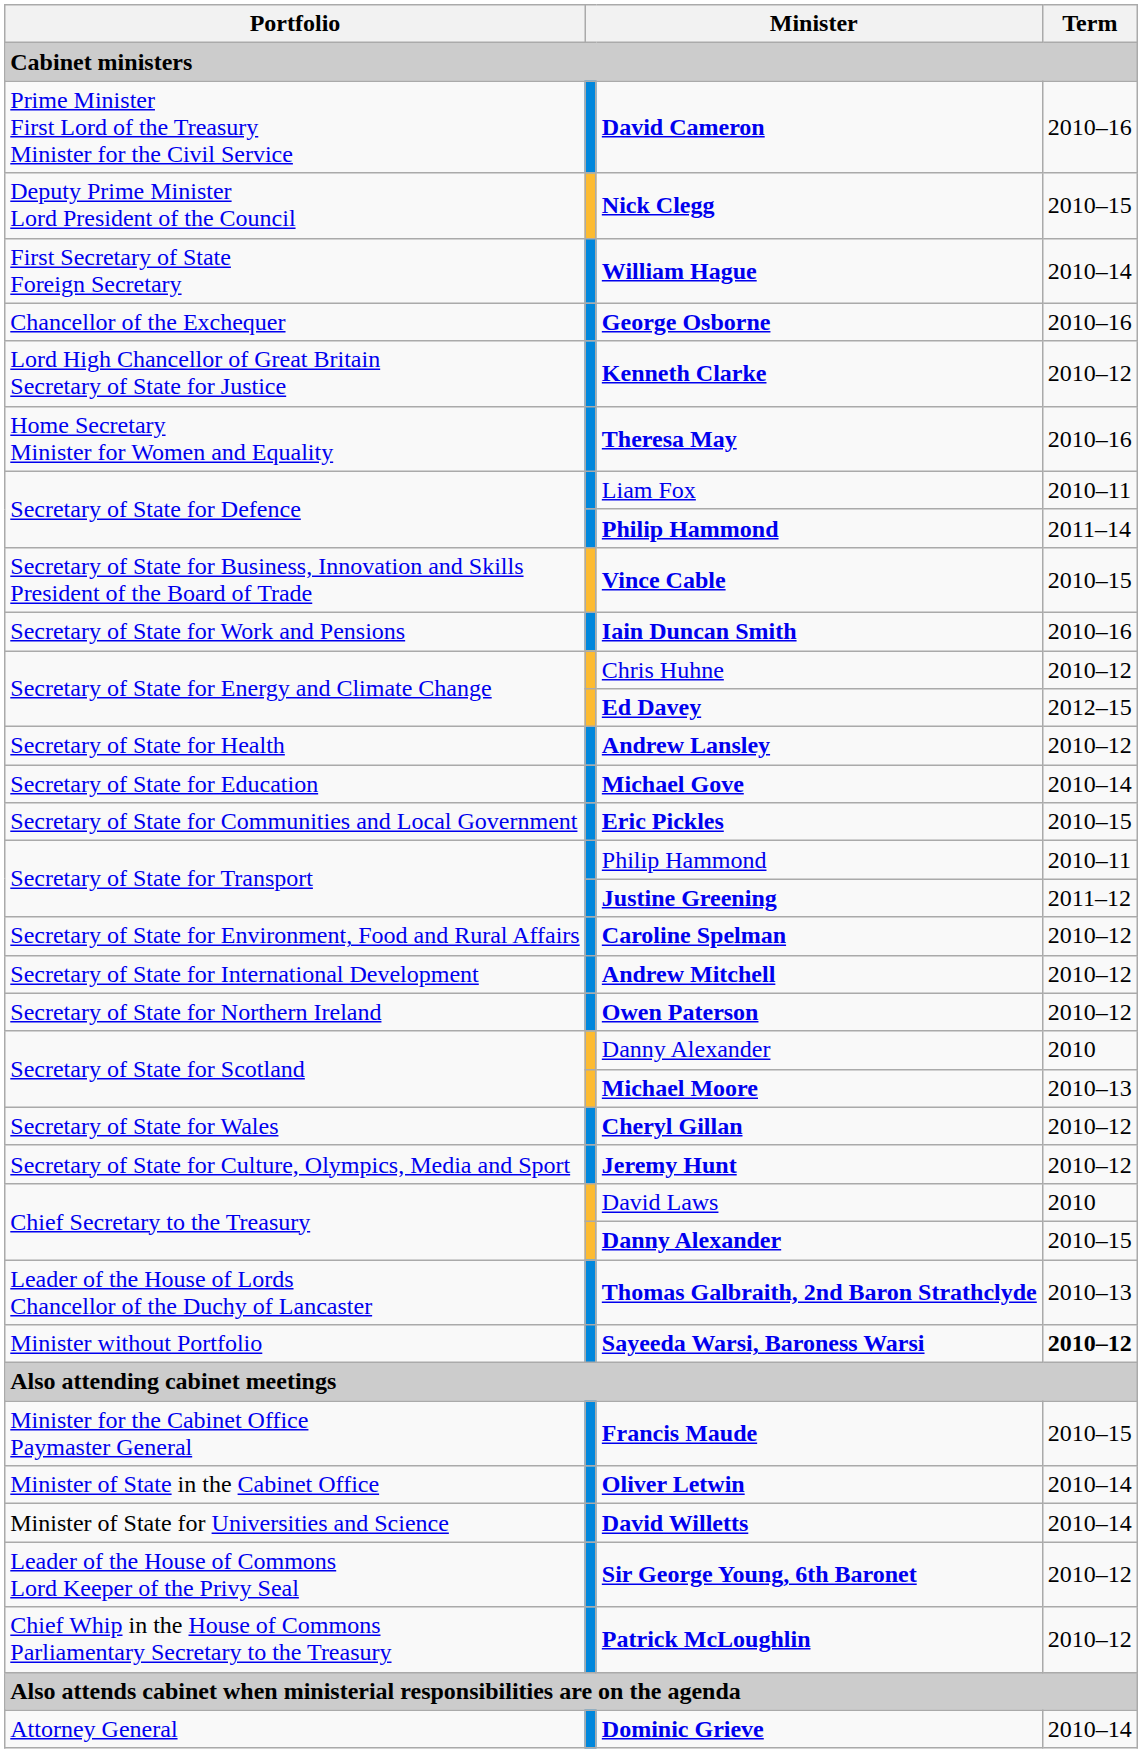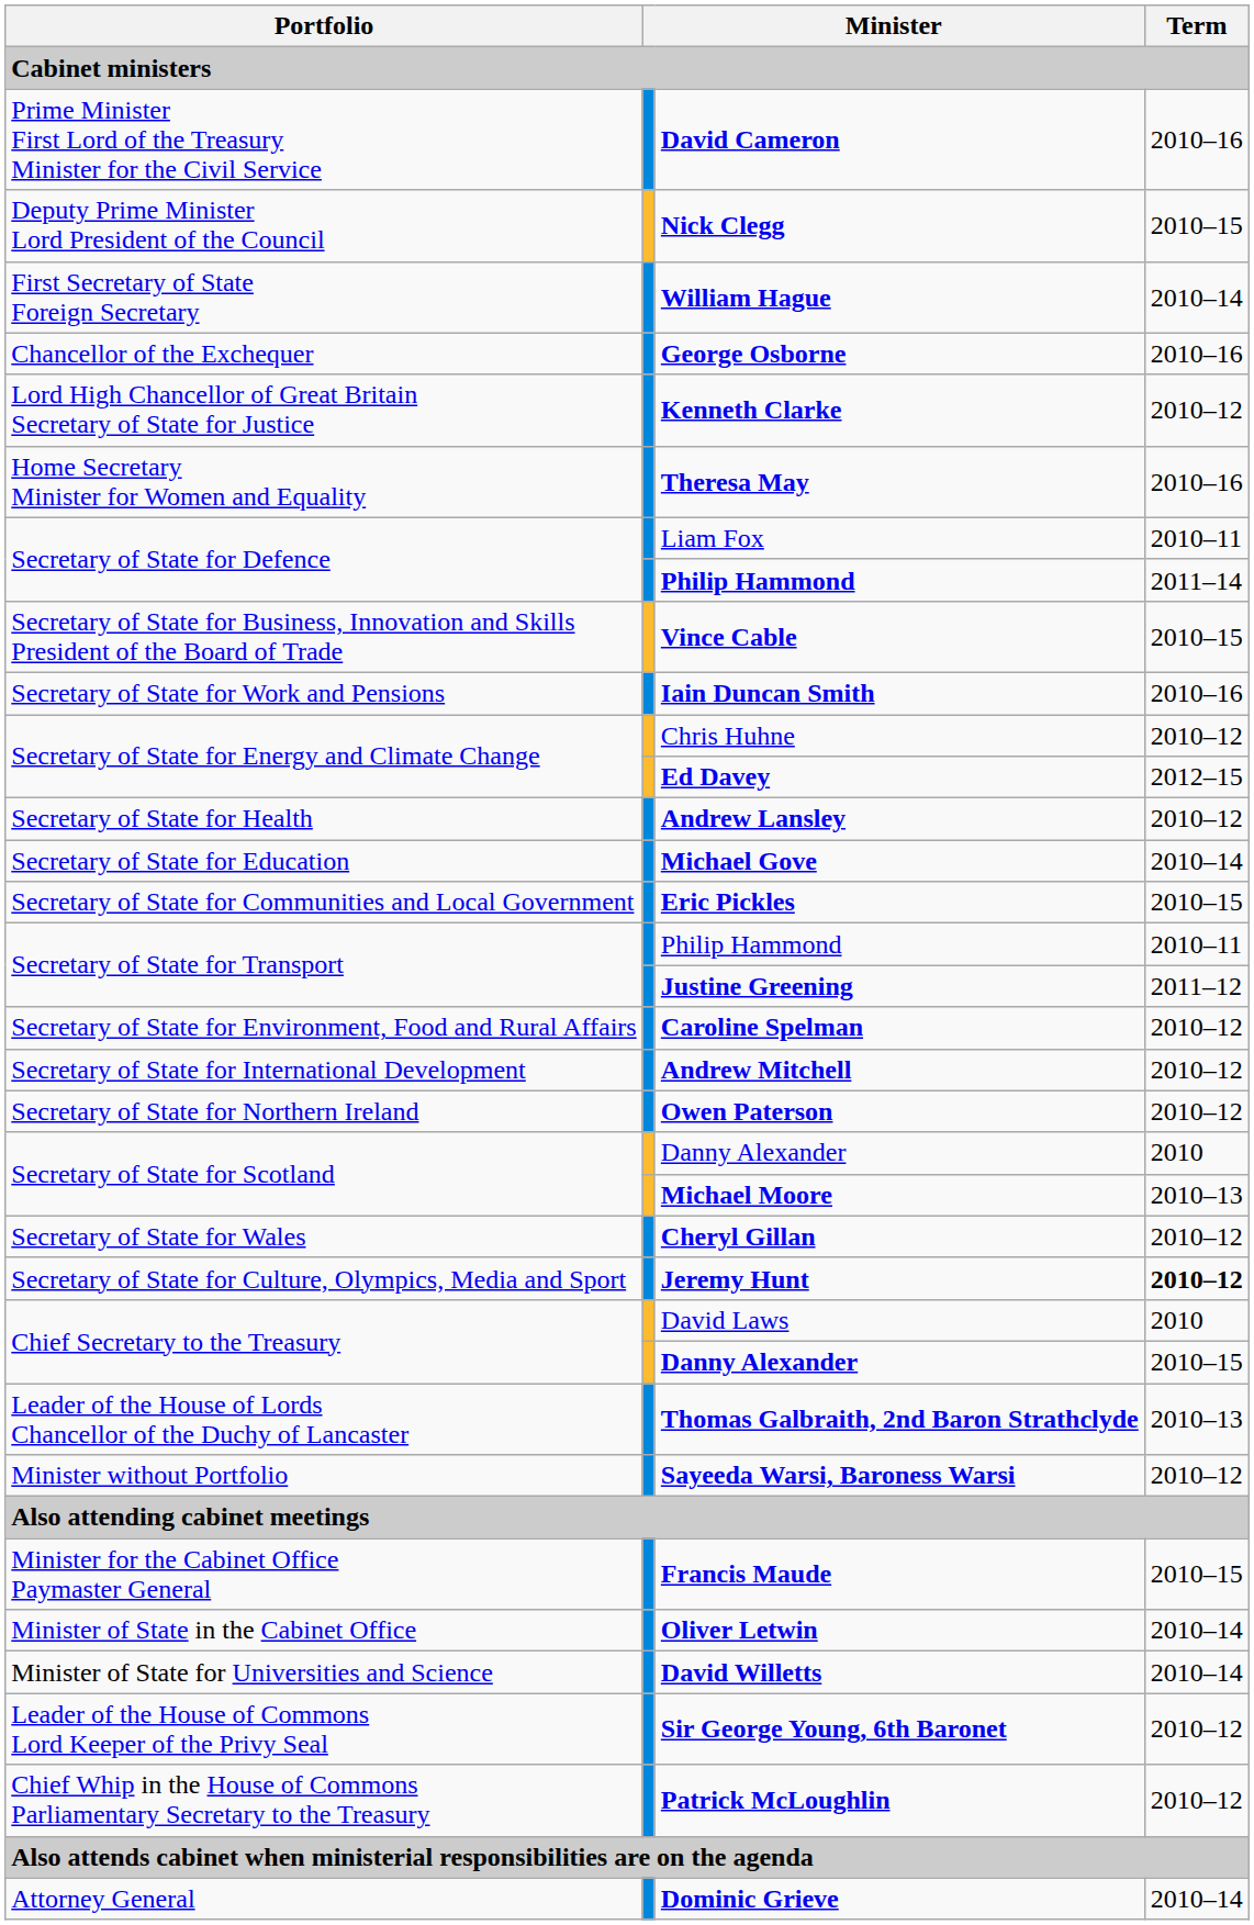 <table class="wikitable">
 <tr>
 <th>Portfolio</th>
 <th colspan=2>Minister</th>
 <th colspan=2>Term</th>
 </tr>
 <tr>
 <td style="background:#cccccc;" colspan="4"><strong>Cabinet ministers</strong></td>
 </tr>
 <tr>
 <td><a href='#'>Prime Minister</a><br><a href='#'>First Lord of the Treasury</a><br><a href='#'>Minister for the Civil Service</a></td>
 <td style="background:#0087DC"></td>
 <td><strong><a href='#'>David Cameron</a></strong></td>
 <td>2010–16</td>
 </tr>
 <tr>
 <td><a href='#'>Deputy Prime Minister</a><br><a href='#'>Lord President of the Council</a></td>
 <td style="background:#FDBB30"></td>
 <td><strong><a href='#'>Nick Clegg</a></strong></td>
 <td>2010–15</td>
 </tr>
 <tr>
 <td><a href='#'>First Secretary of State</a><br><a href='#'>Foreign Secretary</a></td>
 <td style="background:#0087DC"></td>
 <td><strong><a href='#'>William Hague</a></strong></td>
 <td>2010–14</td>
 </tr>
 <tr>
 <td><a href='#'>Chancellor of the Exchequer</a></td>
 <td style="background:#0087DC"></td>
 <td><strong><a href='#'>George Osborne</a></strong></td>
 <td>2010–16</td>
 </tr>
 <tr>
 <td><a href='#'>Lord High Chancellor of Great Britain</a><br><a href='#'>Secretary of State for Justice</a></td>
 <td style="background:#0087DC"></td>
 <td><strong><a href='#'>Kenneth Clarke</a></strong></td>
 <td>2010–12</td>
 </tr>
 <tr>
 <td><a href='#'>Home Secretary</a><br><a href='#'>Minister for Women and Equality</a></td>
 <td style="background:#0087DC"></td>
 <td><strong><a href='#'>Theresa May</a></strong></td>
 <td>2010–16</td>
 </tr>
 <tr>
 <td rowspan="2"><a href='#'>Secretary of State for Defence</a></td>
 <td style="background:#0087DC"></td>
 <td><a href='#'>Liam Fox</a></td>
 <td>2010–11</td>
 </tr>
 <tr>
 <td style="background:#0087DC"></td>
 <td><strong><a href='#'>Philip Hammond</a></strong></td>
 <td>2011–14</td>
 </tr>
 <tr>
 <td><a href='#'>Secretary of State for Business, Innovation and Skills</a><br><a href='#'>President of the Board of Trade</a></td>
 <td style="background:#FDBB30"></td>
 <td><strong><a href='#'>Vince Cable</a></strong></td>
 <td>2010–15</td>
 </tr>
 <tr>
 <td><a href='#'>Secretary of State for Work and Pensions</a></td>
 <td style="background:#0087DC"></td>
 <td><strong><a href='#'>Iain Duncan Smith</a></strong></td>
 <td>2010–16</td>
 </tr>
 <tr>
 <td rowspan="2"><a href='#'>Secretary of State for Energy and Climate Change</a></td>
 <td style="background:#FDBB30"></td>
 <td><a href='#'>Chris Huhne</a></td>
 <td>2010–12</td>
 </tr>
 <tr>
 <td style="background:#FDBB30"></td>
 <td><strong><a href='#'>Ed Davey</a></strong></td>
 <td>2012–15</td>
 </tr>
 <tr>
 <td><a href='#'>Secretary of State for Health</a></td>
 <td style="background:#0087DC"></td>
 <td><strong><a href='#'>Andrew Lansley</a></strong></td>
 <td>2010–12</td>
 </tr>
 <tr>
 <td><a href='#'>Secretary of State for Education</a></td>
 <td style="background:#0087DC"></td>
 <td><strong><a href='#'>Michael Gove</a></strong></td>
 <td>2010–14</td>
 </tr>
 <tr>
 <td><a href='#'>Secretary of State for Communities and Local Government</a></td>
 <td style="background:#0087DC"></td>
 <td><strong><a href='#'>Eric Pickles</a></strong></td>
 <td>2010–15</td>
 </tr>
 <tr>
 <td rowspan="2"><a href='#'>Secretary of State for Transport</a></td>
 <td style="background:#0087DC"></td>
 <td><a href='#'>Philip Hammond</a></td>
 <td>2010–11</td>
 </tr>
 <tr>
 <td style="background:#0087DC"></td>
 <td><strong><a href='#'>Justine Greening</a></strong></td>
 <td>2011–12</td>
 </tr>
 <tr>
 <td><a href='#'>Secretary of State for Environment, Food and Rural Affairs</a></td>
 <td style="background:#0087DC"></td>
 <td><strong><a href='#'>Caroline Spelman</a></strong></td>
 <td>2010–12</td>
 </tr>
 <tr>
 <td><a href='#'>Secretary of State for International Development</a></td>
 <td style="background:#0087DC"></td>
 <td><strong><a href='#'>Andrew Mitchell</a></strong></td>
 <td>2010–12</td>
 </tr>
 <tr>
 <td><a href='#'>Secretary of State for Northern Ireland</a></td>
 <td style="background:#0087DC"></td>
 <td><strong><a href='#'>Owen Paterson</a></strong></td>
 <td>2010–12</td>
 </tr>
 <tr>
 <td rowspan="2"><a href='#'>Secretary of State for Scotland</a></td>
 <td style="background:#FDBB30"></td>
 <td><a href='#'>Danny Alexander</a></td>
 <td>2010</td>
 </tr>
 <tr>
 <td style="background:#FDBB30"></td>
 <td><strong><a href='#'>Michael Moore</a></strong></td>
 <td>2010–13</td>
 </tr>
 <tr>
 <td><a href='#'>Secretary of State for Wales</a></td>
 <td style="background:#0087DC"></td>
 <td><strong><a href='#'>Cheryl Gillan</a></strong></td>
 <td>2010–12</td>
 </tr>
 <tr>
 <td><a href='#'>Secretary of State for Culture, Olympics, Media and Sport</a></td>
 <td style="background:#0087DC"></td>
 <td><strong><a href='#'>Jeremy Hunt</a></strong></td>
-<td>2010–12</td>
+<td><strong>2010–12</strong></td>
 </tr>
 <tr>
 <td rowspan="2"><a href='#'>Chief Secretary to the Treasury</a></td>
 <td style="background:#FDBB30"></td>
 <td><a href='#'>David Laws</a></td>
 <td>2010</td>
 </tr>
 <tr>
 <td style="background:#FDBB30"></td>
 <td><strong><a href='#'>Danny Alexander</a></strong></td>
 <td>2010–15</td>
 </tr>
 <tr>
 <td><a href='#'>Leader of the House of Lords</a><br><a href='#'>Chancellor of the Duchy of Lancaster</a></td>
 <td style="background:#0087DC"></td>
 <td><strong><a href='#'>Thomas Galbraith, 2nd Baron Strathclyde</a></strong></td>
 <td>2010–13</td>
 </tr>
 <tr>
 <td><a href='#'>Minister without Portfolio</a></td>
 <td style="background:#0087DC"></td>
 <td><strong><a href='#'>Sayeeda Warsi, Baroness Warsi</a></strong></td>
-<td><strong>2010–12</strong></td>
+<td>2010–12</td>
 </tr>
 <tr>
 <td style="background:#cccccc;" colspan="4"><strong>Also attending cabinet meetings</strong></td>
 </tr>
 <tr>
 <td><a href='#'>Minister for the Cabinet Office</a><br><a href='#'>Paymaster General</a></td>
 <td style="background:#0087DC"></td>
 <td><strong><a href='#'>Francis Maude</a></strong></td>
 <td>2010–15</td>
 </tr>
 <tr>
 <td><a href='#'>Minister of State</a> in the <a href='#'>Cabinet Office</a></td>
 <td style="background:#0087DC"></td>
 <td><strong><a href='#'>Oliver Letwin</a></strong></td>
 <td>2010–14</td>
 </tr>
 <tr>
 <td>Minister of State for <a href='#'>Universities and Science</a></td>
 <td style="background:#0087DC"></td>
 <td><strong><a href='#'>David Willetts</a></strong></td>
 <td>2010–14</td>
 </tr>
 <tr>
 <td><a href='#'>Leader of the House of Commons</a><br><a href='#'>Lord Keeper of the Privy Seal</a></td>
 <td style="background:#0087DC"></td>
 <td><strong><a href='#'>Sir George Young, 6th Baronet</a></strong></td>
 <td>2010–12</td>
 </tr>
 <tr>
 <td><a href='#'>Chief Whip</a> in the <a href='#'>House of Commons</a><br><a href='#'>Parliamentary Secretary to the Treasury</a></td>
 <td style="background:#0087DC"></td>
 <td><strong><a href='#'>Patrick McLoughlin</a></strong></td>
 <td>2010–12</td>
 </tr>
 <tr>
 <td style="background:#cccccc;" colspan="4"><strong>Also attends cabinet when ministerial responsibilities are on the agenda</strong></td>
 </tr>
 <tr>
 <td><a href='#'>Attorney General</a></td>
 <td style="background:#0087DC"></td>
 <td><strong><a href='#'>Dominic Grieve</a></strong></td>
 <td>2010–14</td>
 </tr>
 </table>
